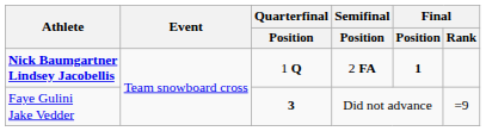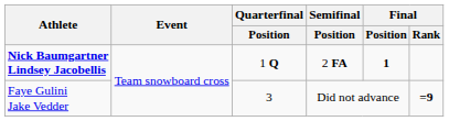 <table class=wikitable style=font-size:90%;text-align:center>
 <tr>
 <th rowspan=2>Athlete</th>
 <th rowspan=2>Event</th>
 <th>Quarterfinal</th>
 <th>Semifinal</th>
 <th colspan=2>Final</th>
 </tr>
 <tr style=font-size:95%>
 <th>Position</th>
 <th>Position</th>
 <th>Position</th>
 <th>Rank</th>
 </tr>
 <tr>
 <td align=left><strong><a href='#'>Nick Baumgartner</a><br><a href='#'>Lindsey Jacobellis</a></strong></td>
 <td align=left rowspan=2><a href='#'>Team snowboard cross</a></td>
 <td>1 <strong>Q</strong></td>
 <td>2 <strong>FA</strong></td>
 <td><strong>1</strong></td>
 <td></td>
 </tr>
 <tr>
 <td align=left><a href='#'>Faye Gulini</a><br><a href='#'>Jake Vedder</a></td>
-<td><strong>3</strong></td>
+<td>3</td>
 <td colspan=2>Did not advance</td>
-<td>=9</td>
+<td><strong>=9</strong></td>
 </tr>
 </table>
